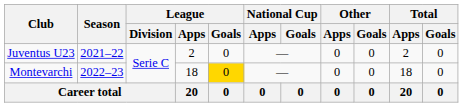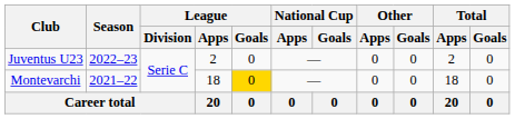 <table class="wikitable" style="text-align:center">
 <tr>
 <th rowspan="2">Club</th>
 <th rowspan="2">Season</th>
 <th colspan="3">League</th>
 <th colspan="2">National Cup</th>
 <th colspan="2">Other</th>
 <th colspan="2">Total</th>
 </tr>
 <tr>
 <th>Division</th>
 <th>Apps</th>
 <th>Goals</th>
 <th>Apps</th>
 <th>Goals</th>
 <th>Apps</th>
 <th>Goals</th>
 <th>Apps</th>
 <th>Goals</th>
 </tr>
 <tr>
 <td><a href='#'>Juventus U23</a></td>
-<td><a href='#'>2021–22</a></td>
+<td><a href='#'>2022–23</a></td>
 <td rowspan="2"><a href='#'>Serie C</a></td>
 <td>2</td>
 <td>0</td>
 <td colspan="2">—</td>
 <td>0</td>
 <td>0</td>
 <td>2</td>
 <td>0</td>
 </tr>
 <tr>
 <td><a href='#'>Montevarchi</a></td>
-<td><a href='#'>2022–23</a></td>
+<td><a href='#'>2021–22</a></td>
 <td>18</td>
 <td style="background: gold;">0</td>
 <td colspan="2">—</td>
 <td>0</td>
 <td>0</td>
 <td>18</td>
 <td>0</td>
 </tr>
 <tr>
 <th colspan="3">Career total</th>
 <th>20</th>
 <th>0</th>
 <th>0</th>
 <th>0</th>
 <th>0</th>
 <th>0</th>
 <th>20</th>
 <th>0</th>
 </tr>
 </table>
